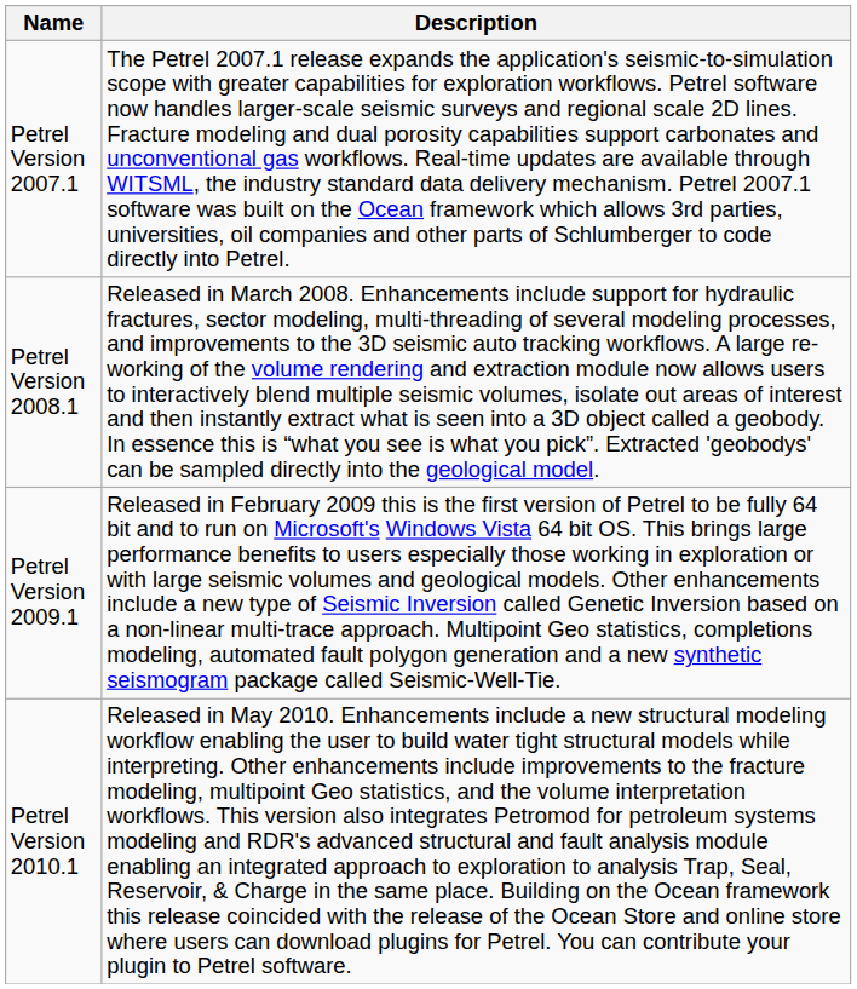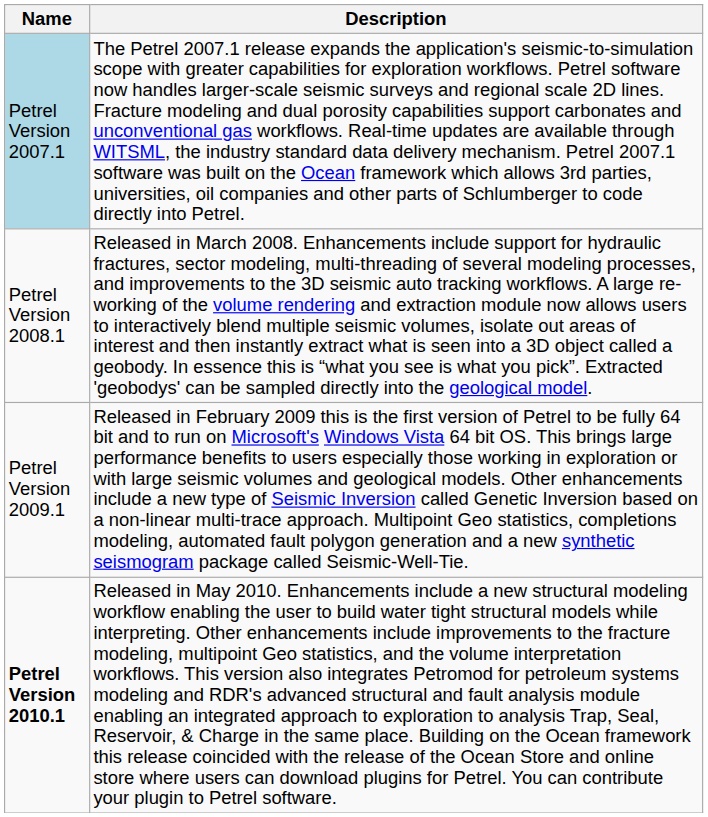 <table class="wikitable">
 <tr>
 <th>Name</th>
 <th>Description</th>
 </tr>
 <tr>
-<td>Petrel Version 2007.1</td>
+<td style="background: lightblue;">Petrel Version 2007.1</td>
 <td>The Petrel 2007.1 release expands the application's seismic-to-simulation scope with greater capabilities for exploration workflows.  Petrel software now handles larger-scale seismic surveys and regional scale 2D lines. Fracture modeling and dual porosity capabilities support carbonates and <a href='#'>unconventional gas</a> workflows. Real-time updates are available through <a href='#'>WITSML</a>, the industry standard data delivery mechanism. Petrel 2007.1 software was built on the <a href='#'>Ocean</a> framework which allows 3rd parties, universities, oil companies and other parts of Schlumberger to code directly into Petrel.</td>
 </tr>
 <tr>
 <td>Petrel Version 2008.1</td>
 <td>Released in March 2008.  Enhancements include support for hydraulic fractures, sector modeling, multi-threading of several modeling processes, and improvements to the 3D seismic auto tracking workflows. A large re-working of the <a href='#'>volume rendering</a> and extraction module now allows users to interactively blend multiple seismic volumes, isolate out areas of interest and then instantly extract what is seen into a 3D object called a geobody. In essence this is “what you see is what you pick”. Extracted 'geobodys' can be sampled directly into the <a href='#'>geological model</a>.</td>
 </tr>
 <tr>
 <td>Petrel Version 2009.1</td>
 <td>Released in February 2009 this is the first version of Petrel to be fully 64 bit and to run on <a href='#'>Microsoft's</a> <a href='#'>Windows Vista</a> 64 bit OS. This brings large performance benefits to users especially those working in exploration or with large seismic volumes and geological models. Other enhancements include a new type of <a href='#'>Seismic Inversion</a> called Genetic Inversion based on a non-linear multi-trace approach. Multipoint Geo statistics, completions modeling, automated fault polygon generation and a new <a href='#'>synthetic seismogram</a> package called Seismic-Well-Tie.</td>
 </tr>
 <tr>
-<td>Petrel Version 2010.1</td>
+<td><strong>Petrel Version 2010.1</strong></td>
 <td>Released in May 2010.  Enhancements include a new structural modeling workflow enabling the user to build water tight structural models while interpreting. Other enhancements include improvements to the fracture modeling, multipoint Geo statistics, and the volume interpretation workflows. This version also integrates Petromod for petroleum systems modeling and RDR's advanced structural and fault analysis module enabling an integrated approach to exploration to analysis Trap, Seal, Reservoir, & Charge in the same place. Building on the Ocean framework this release coincided with the release of the Ocean Store and online store where users can download plugins for Petrel. You can contribute your plugin to Petrel software.</td>
 </tr>
 </table>
